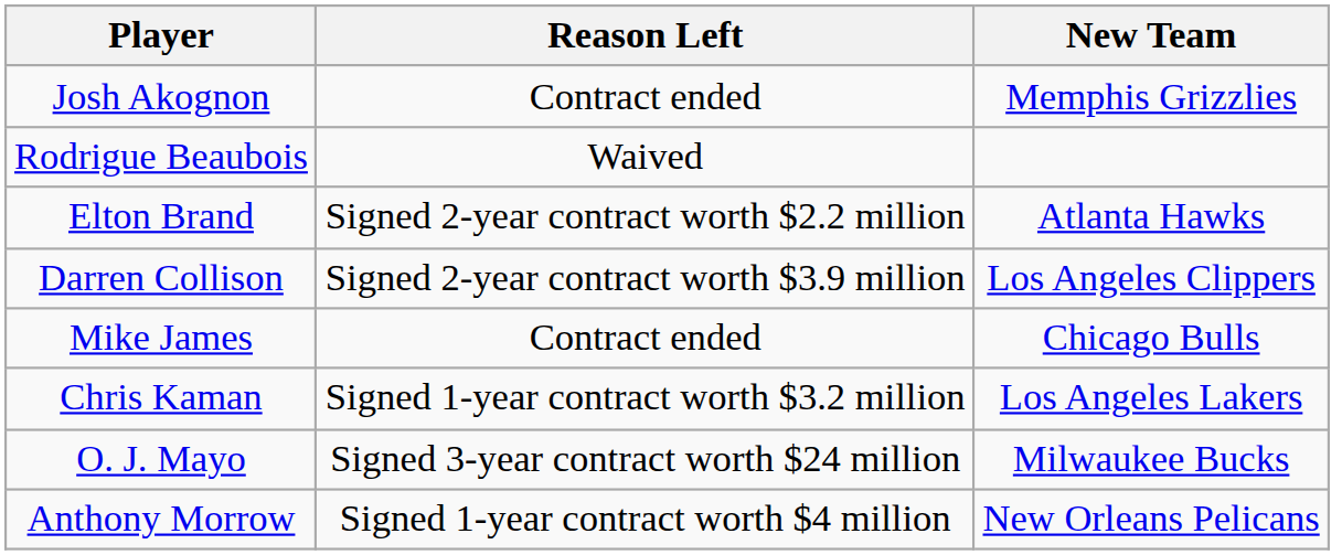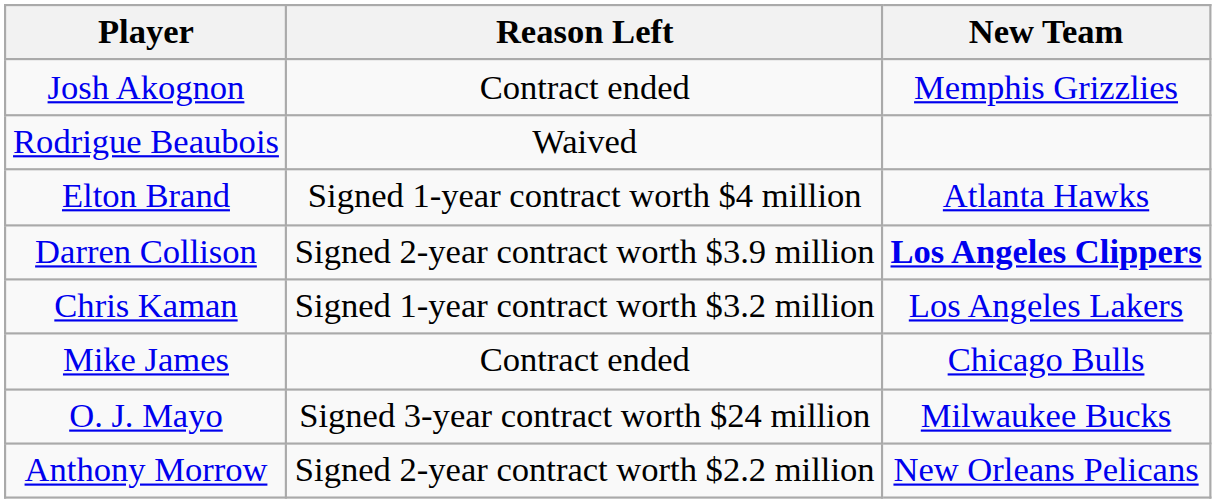 <table class="wikitable sortable sortable">
 <tr>
 <th>Player</th>
 <th>Reason Left</th>
 <th>New Team</th>
 </tr>
 <tr style="text-align: center">
 <td><a href='#'>Josh Akognon</a></td>
 <td>Contract ended</td>
 <td><a href='#'>Memphis Grizzlies</a></td>
 </tr>
 <tr style="text-align: center">
 <td><a href='#'>Rodrigue Beaubois</a></td>
 <td>Waived</td>
 <td></td>
 </tr>
 <tr style="text-align: center">
 <td><a href='#'>Elton Brand</a></td>
-<td>Signed 2-year contract worth $2.2 million</td>
+<td>Signed 1-year contract worth $4 million</td>
 <td><a href='#'>Atlanta Hawks</a></td>
 </tr>
 <tr style="text-align: center">
 <td><a href='#'>Darren Collison</a></td>
 <td>Signed 2-year contract worth $3.9 million</td>
-<td><a href='#'>Los Angeles Clippers</a></td>
+<td><strong><a href='#'>Los Angeles Clippers</a></strong></td>
+</tr>
+<tr style="text-align: center">
+<td><a href='#'>Chris Kaman</a></td>
+<td>Signed 1-year contract worth $3.2 million</td>
+<td><a href='#'>Los Angeles Lakers</a></td>
 </tr>
 <tr style="text-align: center">
 <td><a href='#'>Mike James</a></td>
 <td>Contract ended</td>
 <td><a href='#'>Chicago Bulls</a></td>
-</tr>
-<tr style="text-align: center">
-<td><a href='#'>Chris Kaman</a></td>
-<td>Signed 1-year contract worth $3.2 million</td>
-<td><a href='#'>Los Angeles Lakers</a></td>
 </tr>
 <tr style="text-align: center">
 <td><a href='#'>O. J. Mayo</a></td>
 <td>Signed 3-year contract worth $24 million</td>
 <td><a href='#'>Milwaukee Bucks</a></td>
 </tr>
 <tr style="text-align: center">
 <td><a href='#'>Anthony Morrow</a></td>
-<td>Signed 1-year contract worth $4 million</td>
+<td>Signed 2-year contract worth $2.2 million</td>
 <td><a href='#'>New Orleans Pelicans</a></td>
 </tr>
 </table>
